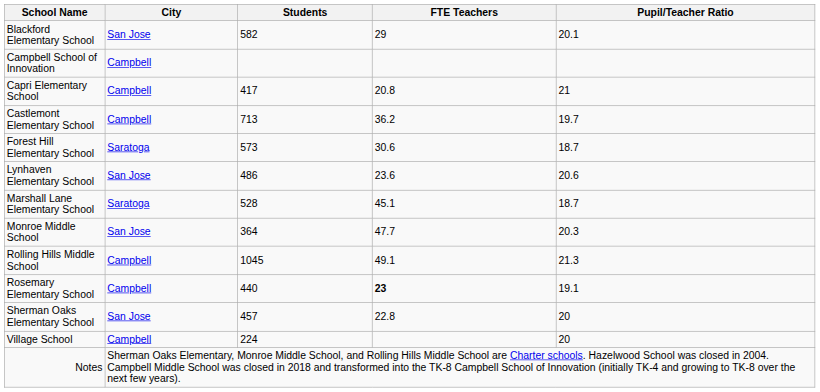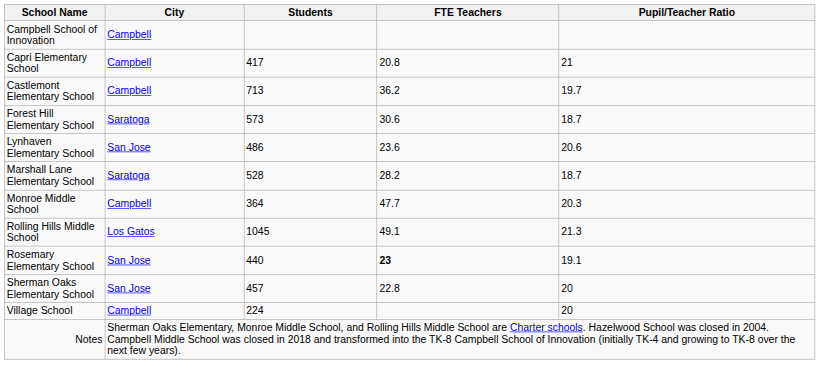 <table class="wikitable">
 <tr>
 <th>School Name</th>
 <th>City</th>
 <th>Students</th>
 <th>FTE Teachers</th>
 <th>Pupil/Teacher Ratio</th>
-</tr>
-<tr ---->
-<td>Blackford Elementary School</td>
-<td><a href='#'>San Jose</a></td>
-<td>582</td>
-<td>29</td>
-<td>20.1<br>  </td>
 </tr>
 <tr ---->
 <td>Campbell School of Innovation</td>
 <td><a href='#'>Campbell</a></td>
 <td></td>
 <td></td>
 <td><br></td>
 </tr>
 <tr ---->
 <td>Capri Elementary School</td>
 <td><a href='#'>Campbell</a></td>
 <td>417</td>
 <td>20.8</td>
 <td>21<br></td>
 </tr>
 <tr ---->
 <td>Castlemont Elementary School</td>
 <td><a href='#'>Campbell</a></td>
 <td>713</td>
 <td>36.2</td>
 <td>19.7<br></td>
 </tr>
 <tr ---->
 <td>Forest Hill Elementary School</td>
 <td><a href='#'>Saratoga</a></td>
 <td>573</td>
 <td>30.6</td>
 <td>18.7<br></td>
 </tr>
 <tr ---->
 <td>Lynhaven Elementary School</td>
 <td><a href='#'>San Jose</a></td>
 <td>486</td>
 <td>23.6</td>
 <td>20.6<br></td>
 </tr>
 <tr ---->
 <td>Marshall Lane Elementary School</td>
 <td><a href='#'>Saratoga</a></td>
 <td>528</td>
-<td>45.1</td>
+<td>28.2</td>
 <td>18.7<br></td>
 </tr>
 <tr ---->
 <td>Monroe Middle School</td>
-<td><a href='#'>San Jose</a></td>
+<td><a href='#'>Campbell</a></td>
 <td>364</td>
 <td>47.7</td>
 <td>20.3<br></td>
 </tr>
 <tr ---->
 <td>Rolling Hills Middle School</td>
-<td><a href='#'>Campbell</a></td>
+<td><a href='#'>Los Gatos</a></td>
 <td>1045</td>
 <td>49.1</td>
 <td>21.3<br></td>
 </tr>
 <tr ---->
 <td>Rosemary Elementary School</td>
-<td><a href='#'>Campbell</a></td>
+<td><a href='#'>San Jose</a></td>
 <td>440</td>
 <td><strong>23</strong></td>
 <td>19.1<br></td>
 </tr>
 <tr ---->
 <td>Sherman Oaks Elementary School</td>
 <td><a href='#'>San Jose</a></td>
 <td>457</td>
 <td>22.8</td>
 <td>20</td>
 </tr>
 <tr ---->
 <td>Village School</td>
 <td><a href='#'>Campbell</a></td>
 <td>224</td>
 <td></td>
 <td>20</td>
 </tr>
 <tr ---->
 <td align="right">Notes</td>
 <td colspan="4">Sherman Oaks Elementary, Monroe Middle School, and Rolling Hills Middle School are <a href='#'>Charter schools</a>. Hazelwood School was closed in 2004. Campbell Middle School was closed in 2018 and transformed into the TK-8 Campbell School of Innovation (initially TK-4 and growing to TK-8 over the next few years).</td>
 </tr>
 </table>
